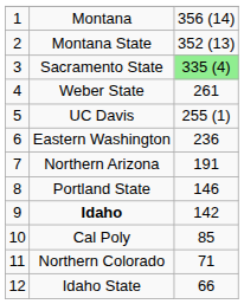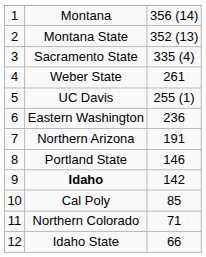 <table class="wikitable" style="display: inline-table;">
 <tr align="center">
 </tr>
 <tr align="center">
 <td>1</td>
 <td>Montana</td>
 <td>356 (14)</td>
 </tr>
 <tr align="center">
 <td>2</td>
 <td>Montana State</td>
 <td>352 (13)</td>
 </tr>
 <tr align="center">
 <td>3</td>
 <td>Sacramento State</td>
-<td style="background: lightgreen;">335 (4)</td>
+<td>335 (4)</td>
 </tr>
 <tr align="center">
 <td>4</td>
 <td>Weber State</td>
 <td>261</td>
 </tr>
 <tr align="center">
 <td>5</td>
 <td>UC Davis</td>
 <td>255 (1)</td>
 </tr>
 <tr align="center">
 <td>6</td>
 <td>Eastern Washington</td>
 <td>236</td>
 </tr>
 <tr align="center">
 <td>7</td>
 <td>Northern Arizona</td>
 <td>191</td>
 </tr>
 <tr align="center">
 <td>8</td>
 <td>Portland State</td>
 <td>146</td>
 </tr>
 <tr align="center">
 <td>9</td>
 <td><strong>Idaho</strong></td>
 <td>142</td>
 </tr>
 <tr align="center">
 <td>10</td>
 <td>Cal Poly</td>
 <td>85</td>
 </tr>
 <tr align="center">
 <td>11</td>
 <td>Northern Colorado</td>
 <td>71</td>
 </tr>
 <tr align="center">
 <td>12</td>
 <td>Idaho State</td>
 <td>66</td>
 </tr>
 </table>
